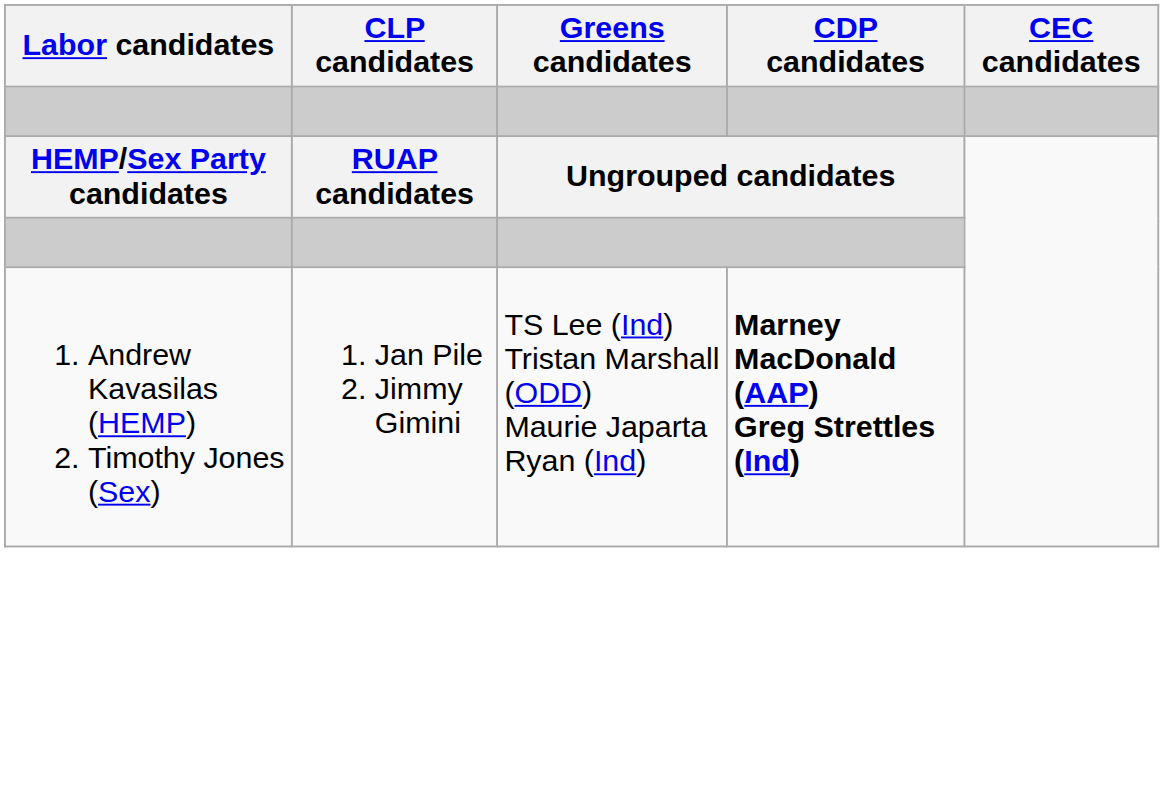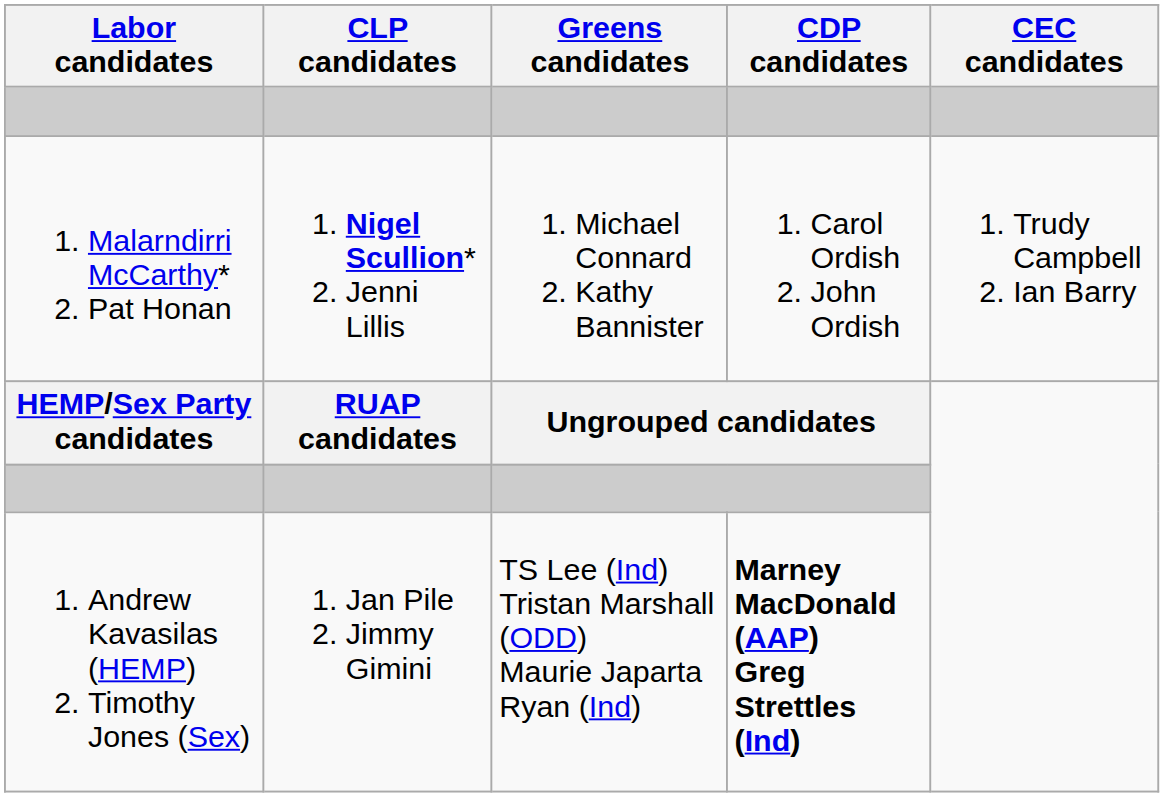 <table class="wikitable">
 <tr>
 <th><a href='#'>Labor</a> candidates</th>
 <th><a href='#'>CLP</a> candidates</th>
 <th><a href='#'>Greens</a> candidates</th>
 <th><a href='#'>CDP</a> candidates</th>
 <th><a href='#'>CEC</a> candidates</th>
 </tr>
 <tr style="background:#ccc;">
 <td> </td>
 <td> </td>
 <td> </td>
 <td> </td>
 <td> </td>
+</tr>
+<tr>
+<td><br><ol><li><a href='#'>Malarndirri McCarthy</a>*</li><li>Pat Honan</li></ol></td>
+<td><br><ol><li><strong><a href='#'>Nigel Scullion</a></strong>*</li><li>Jenni Lillis</li></ol></td>
+<td valign=top><br><ol><li>Michael Connard</li><li>Kathy Bannister</li></ol></td>
+<td valign=top><br><ol><li>Carol Ordish</li><li>John Ordish</li></ol></td>
+<td valign=top><br><ol><li>Trudy Campbell</li><li>Ian Barry</li></ol></td>
 </tr>
 <tr style="background:#ccc;">
 <th><a href='#'>HEMP</a>/<a href='#'>Sex Party</a> candidates</th>
 <th><a href='#'>RUAP</a> candidates</th>
 <th colspan=2>Ungrouped candidates</th>
 </tr>
 <tr style="background:#ccc;">
 <td> </td>
 <td> </td>
 <td colspan=2> </td>
 </tr>
 <tr>
 <td valign=top><br><ol><li>Andrew Kavasilas (<a href='#'>HEMP</a>)</li><li>Timothy Jones (<a href='#'>Sex</a>)</li></ol></td>
 <td valign=top><br><ol><li>Jan Pile</li><li>Jimmy Gimini</li></ol></td>
 <td valign=top><br>TS Lee (<a href='#'>Ind</a>)<br> Tristan Marshall (<a href='#'>ODD</a>)<br> Maurie Japarta Ryan (<a href='#'>Ind</a>)</td>
 <td valign=top><strong><br>Marney MacDonald (<a href='#'>AAP</a>)<br> Greg Strettles (<a href='#'>Ind</a>)</strong></td>
 </tr>
 </table>
